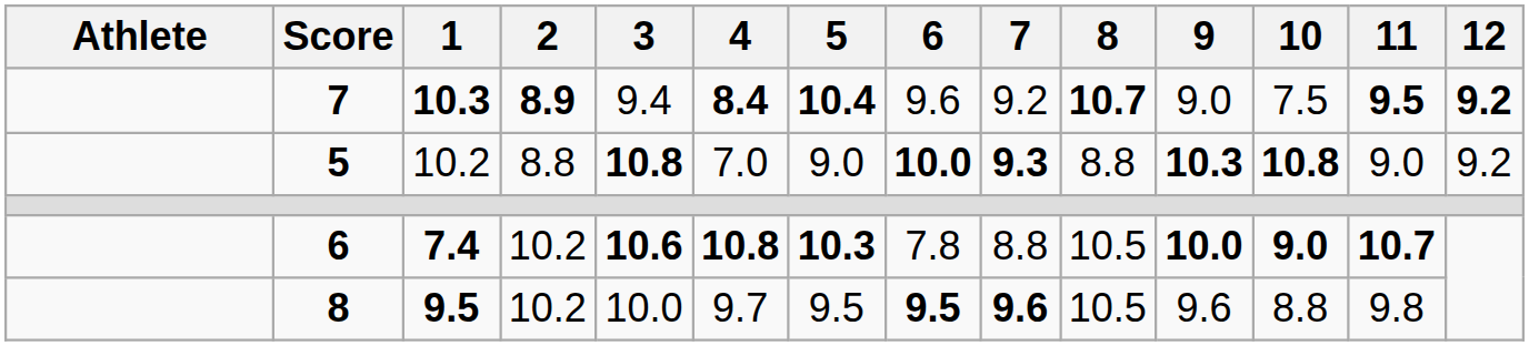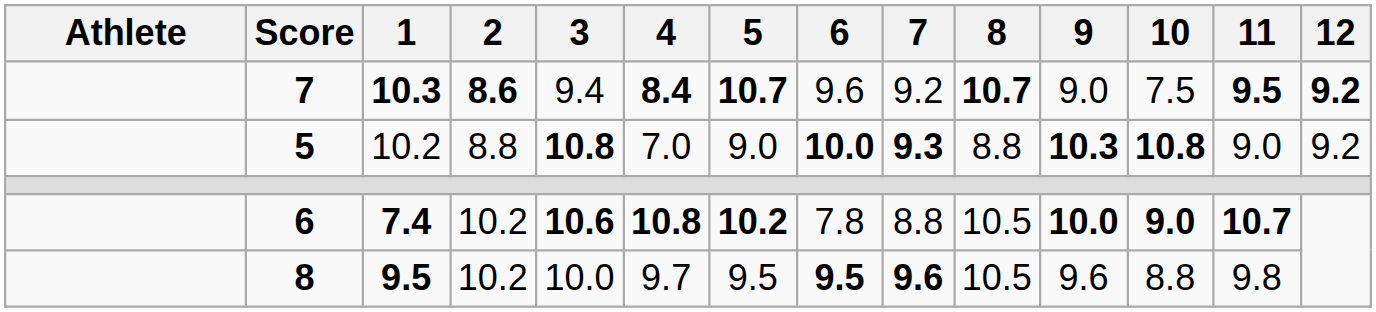 <table class="wikitable" style="text-align:center">
 <tr>
 <th width=250>Athlete</th>
 <th width=40>Score</th>
 <th width=30>1</th>
 <th width=30>2</th>
 <th width=30>3</th>
 <th width=30>4</th>
 <th width=30>5</th>
 <th width=30>6</th>
 <th width=30>7</th>
 <th width=30>8</th>
 <th width=30>9</th>
 <th width=30>10</th>
 <th width=30>11</th>
 <th width=30>12</th>
 </tr>
 <tr>
 <td align=left></td>
 <td><strong>7</strong></td>
 <td><strong>10.3</strong></td>
-<td><strong>8.9</strong></td>
+<td><strong>8.6</strong></td>
 <td>9.4</td>
 <td><strong>8.4</strong></td>
-<td><strong>10.4</strong></td>
+<td><strong>10.7</strong></td>
 <td>9.6</td>
 <td>9.2</td>
 <td><strong>10.7</strong></td>
 <td>9.0</td>
 <td>7.5</td>
 <td><strong>9.5</strong></td>
 <td><strong>9.2</strong></td>
 </tr>
 <tr>
 <td align=left></td>
 <td><strong>5</strong></td>
 <td>10.2</td>
 <td>8.8</td>
 <td><strong>10.8</strong></td>
 <td>7.0</td>
 <td>9.0</td>
 <td><strong>10.0</strong></td>
 <td><strong>9.3</strong></td>
 <td>8.8</td>
 <td><strong>10.3</strong></td>
 <td><strong>10.8</strong></td>
 <td>9.0</td>
 <td>9.2</td>
 </tr>
 <tr bgcolor=#DDDDDD>
 <td colspan=14></td>
 </tr>
 <tr>
 <td align=left></td>
 <td><strong>6</strong></td>
 <td><strong>7.4</strong></td>
 <td>10.2</td>
 <td><strong>10.6</strong></td>
 <td><strong>10.8</strong></td>
-<td><strong>10.3</strong></td>
+<td><strong>10.2</strong></td>
 <td>7.8</td>
 <td>8.8</td>
 <td>10.5</td>
 <td><strong>10.0</strong></td>
 <td><strong>9.0</strong></td>
 <td><strong>10.7</strong></td>
 <td rowspan=2></td>
 </tr>
 <tr>
 <td align=left></td>
 <td><strong>8</strong></td>
 <td><strong>9.5</strong></td>
 <td>10.2</td>
 <td>10.0</td>
 <td>9.7</td>
 <td>9.5</td>
 <td><strong>9.5</strong></td>
 <td><strong>9.6</strong></td>
 <td>10.5</td>
 <td>9.6</td>
 <td>8.8</td>
 <td>9.8</td>
 </tr>
 </table>
